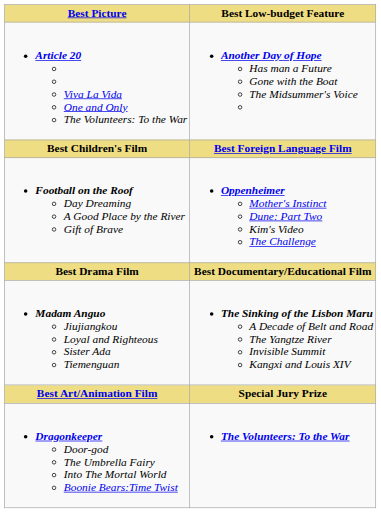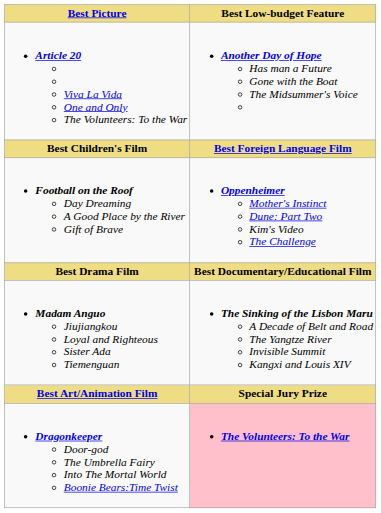 <table class="wikitable">
 <tr>
 <th style="background:#EEDD82; width=50%"><a href='#'>Best Picture</a></th>
 <th style="background:#EEDD82; width=50%">Best Low-budget Feature</th>
 </tr>
 <tr>
 <td valign="top"><br><ul><li><strong><em><a href='#'>Article 20</a></em></strong><ul><li><em></em></li><li><em></em></li><li><em><a href='#'>Viva La Vida</a></em></li><li><em><a href='#'>One and Only</a></em></li><li><em>The Volunteers: To the War</em></li></ul></li></ul></td>
 <td valign="top"><br><ul><li><strong><em><a href='#'>Another Day of Hope</a></em></strong><ul><li><em>Has man a Future</em></li><li><em>Gone with the Boat</em></li><li><em>The Midsummer's Voice</em></li><li><em></em></li></ul></li></ul></td>
 </tr>
 <tr>
 <th style="background:#EEDD82; width=50%">Best Children's Film</th>
 <th style="background:#EEDD82; width=50%"><a href='#'>Best Foreign Language Film</a></th>
 </tr>
 <tr>
 <td valign="top"><br><ul><li><strong><em>Football on the Roof</em></strong><ul><li><em>Day Dreaming</em></li><li><em>A Good Place by the River</em></li><li><em>Gift of Brave</em></li></ul></li></ul></td>
 <td valign="top"><br><ul><li><strong><em><a href='#'>Oppenheimer</a></em></strong><ul><li><em><a href='#'>Mother's Instinct</a></em></li><li><em><a href='#'>Dune: Part Two</a></em></li><li><em>Kim's Video</em></li><li><em><a href='#'>The Challenge</a></em></li></ul></li></ul></td>
 </tr>
 <tr>
 <th style="background:#EEDD82; width=50%">Best Drama Film</th>
 <th style="background:#EEDD82; width=50%">Best Documentary/Educational Film</th>
 </tr>
 <tr>
 <td valign="top"><br><ul><li><strong><em>Madam Anguo</em></strong><ul><li><em>Jiujiangkou</em></li><li><em>Loyal and Righteous</em></li><li><em>Sister Ada</em></li><li><em>Tiemenguan</em></li></ul></li></ul></td>
 <td valign="top"><br><ul><li><strong><em>The Sinking of the Lisbon Maru</em></strong><ul><li><em>A Decade of Belt and Road</em></li><li><em>The Yangtze River</em></li><li><em>Invisible Summit</em></li><li><em>Kangxi and Louis XIV</em></li></ul></li></ul></td>
 </tr>
 <tr>
 <th style="background:#EEDD82; width=50%"><a href='#'>Best Art/Animation Film</a></th>
 <th style="background:#EEDD82; width=50%">Special Jury Prize</th>
 </tr>
 <tr>
 <td valign="top"><br><ul><li><strong><em><a href='#'>Dragonkeeper</a></em></strong><ul><li><em>Door-god</em></li><li><em>The Umbrella Fairy</em></li><li><em>Into The Mortal World</em></li><li><em><a href='#'>Boonie Bears:Time Twist</a></em></li></ul></li></ul></td>
-<td valign="top"><br><ul><li><strong><em><a href='#'>The Volunteers: To the War</a></em></strong></li></ul></td>
+<td valign="top" style="background: pink;"><br><ul><li><strong><em><a href='#'>The Volunteers: To the War</a></em></strong></li></ul></td>
 </tr>
 </table>
